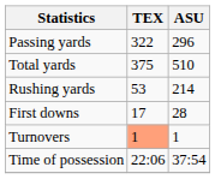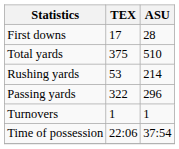 <table class="wikitable" style="float: left;">
 <tr>
 <th>Statistics</th>
 <th>TEX</th>
 <th>ASU</th>
 </tr>
 <tr>
-<td>Passing yards</td>
-<td>322</td>
-<td>296</td>
+<td>First downs</td>
+<td>17</td>
+<td>28</td>
 </tr>
 <tr>
 <td>Total yards</td>
 <td>375</td>
 <td>510</td>
 </tr>
 <tr>
 <td>Rushing yards</td>
 <td>53</td>
 <td>214</td>
 </tr>
 <tr>
-<td>First downs</td>
-<td>17</td>
-<td>28</td>
+<td>Passing yards</td>
+<td>322</td>
+<td>296</td>
 </tr>
 <tr>
 <td>Turnovers</td>
-<td style="background: lightsalmon;">1</td>
+<td>1</td>
 <td>1</td>
 </tr>
 <tr>
 <td>Time of possession</td>
 <td>22:06</td>
 <td>37:54</td>
 </tr>
 <tr>
 </tr>
 </table>
